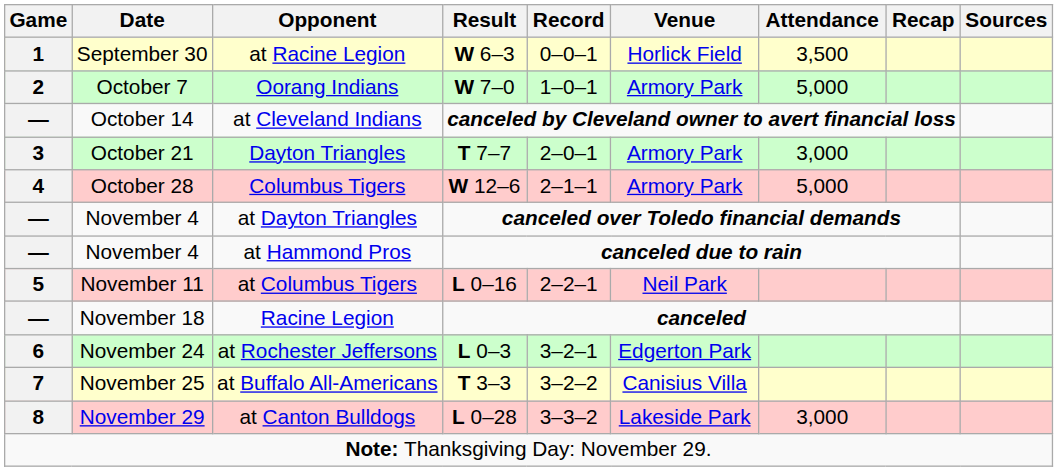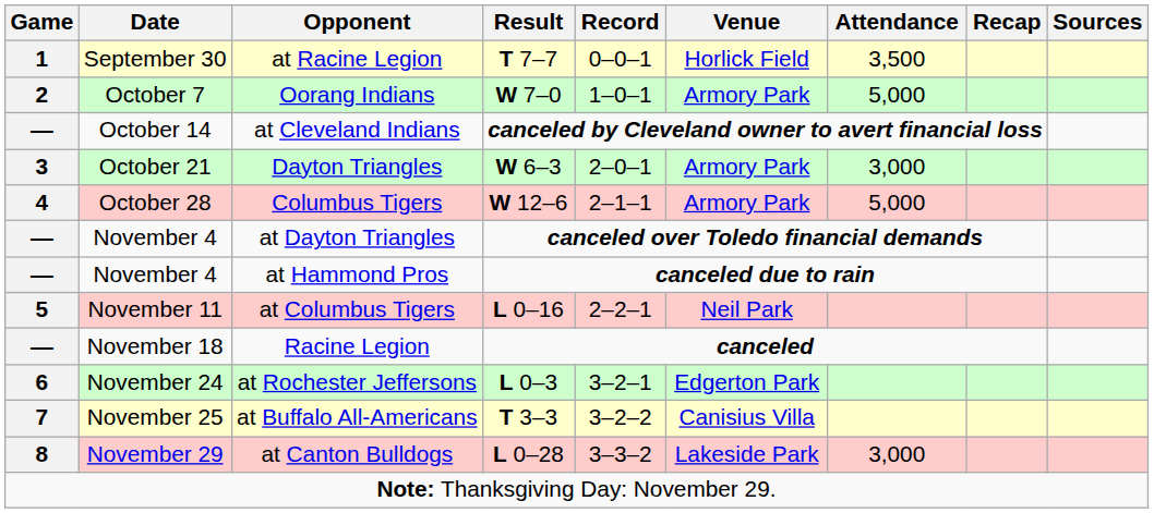 <table class="wikitable" style="text-align:center">
 <tr>
 <th>Game</th>
 <th>Date</th>
 <th>Opponent</th>
 <th>Result</th>
 <th>Record</th>
 <th>Venue</th>
 <th>Attendance</th>
 <th>Recap</th>
 <th>Sources</th>
 </tr>
 <tr style="background:#ffc">
 <th>1</th>
 <td>September 30</td>
 <td>at <a href='#'>Racine Legion</a></td>
-<td><strong>W</strong> 6–3</td>
+<td><strong>T</strong> 7–7</td>
 <td>0–0–1</td>
 <td><a href='#'>Horlick Field</a></td>
 <td>3,500</td>
 <td></td>
 <td></td>
 </tr>
 <tr style="background:#cfc">
 <th>2</th>
 <td>October 7</td>
 <td><a href='#'>Oorang Indians</a></td>
 <td><strong>W</strong> 7–0</td>
 <td>1–0–1</td>
 <td><a href='#'>Armory Park</a></td>
 <td>5,000</td>
 <td></td>
 <td></td>
 </tr>
 <tr>
 <th>—</th>
 <td>October 14</td>
 <td>at <a href='#'>Cleveland Indians</a></td>
 <td colspan="5"><strong><em>canceled by Cleveland owner to avert financial loss</em></strong></td>
 <td></td>
 </tr>
 <tr style="background:#cfc">
 <th>3</th>
 <td>October 21</td>
 <td><a href='#'>Dayton Triangles</a></td>
-<td><strong>T</strong> 7–7</td>
+<td><strong>W</strong> 6–3</td>
 <td>2–0–1</td>
 <td><a href='#'>Armory Park</a></td>
 <td>3,000</td>
 <td></td>
 <td></td>
 </tr>
 <tr style="background:#fcc">
 <th>4</th>
 <td>October 28</td>
 <td><a href='#'>Columbus Tigers</a></td>
 <td><strong>W</strong> 12–6</td>
 <td>2–1–1</td>
 <td><a href='#'>Armory Park</a></td>
 <td>5,000</td>
 <td></td>
 <td></td>
 </tr>
 <tr>
 <th>—</th>
 <td>November 4</td>
 <td>at <a href='#'>Dayton Triangles</a></td>
 <td colspan="5"><strong><em>canceled over Toledo financial demands</em></strong></td>
 <td></td>
 </tr>
 <tr>
 <th>—</th>
 <td>November 4</td>
 <td>at <a href='#'>Hammond Pros</a></td>
 <td colspan="5"><strong><em>canceled due to rain</em></strong></td>
 <td></td>
 </tr>
 <tr style="background:#fcc">
 <th>5</th>
 <td>November 11</td>
 <td>at <a href='#'>Columbus Tigers</a></td>
 <td><strong>L</strong> 0–16</td>
 <td>2–2–1</td>
 <td><a href='#'>Neil Park</a></td>
 <td></td>
 <td></td>
 <td></td>
 </tr>
 <tr>
 <th>—</th>
 <td>November 18</td>
 <td><a href='#'>Racine Legion</a></td>
 <td colspan="5"><strong><em>canceled</em></strong> </td>
 <td></td>
 </tr>
 <tr style="background:#cfc">
 <th>6</th>
 <td>November 24</td>
 <td>at <a href='#'>Rochester Jeffersons</a></td>
 <td><strong>L</strong> 0–3</td>
 <td>3–2–1</td>
 <td><a href='#'>Edgerton Park</a></td>
 <td></td>
 <td></td>
 <td></td>
 </tr>
 <tr style="background:#ffc">
 <th>7</th>
 <td>November 25</td>
 <td>at <a href='#'>Buffalo All-Americans</a></td>
 <td><strong>T</strong> 3–3</td>
 <td>3–2–2</td>
 <td><a href='#'>Canisius Villa</a></td>
 <td></td>
 <td> </td>
 <td></td>
 </tr>
 <tr style="background:#fcc">
 <th>8</th>
 <td><a href='#'>November 29</a></td>
 <td>at <a href='#'>Canton Bulldogs</a></td>
 <td><strong>L</strong> 0–28</td>
 <td>3–3–2</td>
 <td><a href='#'>Lakeside Park</a></td>
 <td>3,000</td>
 <td></td>
 <td></td>
 </tr>
 <tr>
 <td colspan="10"><strong>Note:</strong> Thanksgiving Day: November 29.</td>
 </tr>
 </table>
